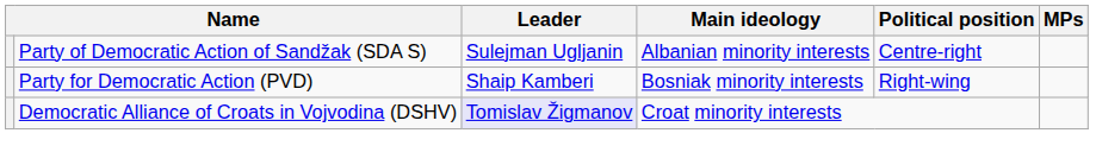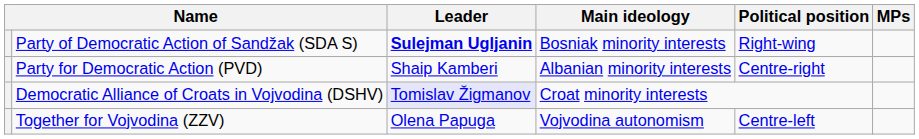 <table class="wikitable" style="text-align">
 <tr>
 <th colspan="2">Name</th>
 <th>Leader</th>
 <th>Main ideology</th>
 <th>Political position</th>
 <th>MPs</th>
 </tr>
 <tr>
 <th style="background-color:"></th>
 <td><a href='#'>Party of Democratic Action of Sandžak</a> (SDA S)</td>
-<td><a href='#'>Sulejman Ugljanin</a></td>
-<td><a href='#'>Albanian</a> <a href='#'>minority interests</a></td>
-<td><a href='#'>Centre-right</a></td>
+<td><strong><a href='#'>Sulejman Ugljanin</a></strong></td>
+<td><a href='#'>Bosniak</a> <a href='#'>minority interests</a></td>
+<td><a href='#'>Right-wing</a></td>
 <td></td>
 </tr>
 <tr>
 <th style="background-color:"></th>
 <td><a href='#'>Party for Democratic Action</a> (PVD)</td>
 <td><a href='#'>Shaip Kamberi</a></td>
-<td><a href='#'>Bosniak</a> <a href='#'>minority interests</a></td>
-<td><a href='#'>Right-wing</a></td>
+<td><a href='#'>Albanian</a> <a href='#'>minority interests</a></td>
+<td><a href='#'>Centre-right</a></td>
 <td></td>
 </tr>
 <tr>
 <th style="background-color:"></th>
 <td><a href='#'>Democratic Alliance of Croats in Vojvodina</a> (DSHV)</td>
 <td style="background: lavender;"><a href='#'>Tomislav Žigmanov</a></td>
 <td colspan="2"><a href='#'>Croat</a> <a href='#'>minority interests</a></td>
 <td></td>
 </tr>
+<tr>
+<th style="background-color:"></th>
+<td><a href='#'>Together for Vojvodina</a> (ZZV)</td>
+<td><a href='#'>Olena Papuga</a></td>
+<td><a href='#'>Vojvodina autonomism</a></td>
+<td><a href='#'>Centre-left</a></td>
+<td></td>
+</tr>
 </table>
